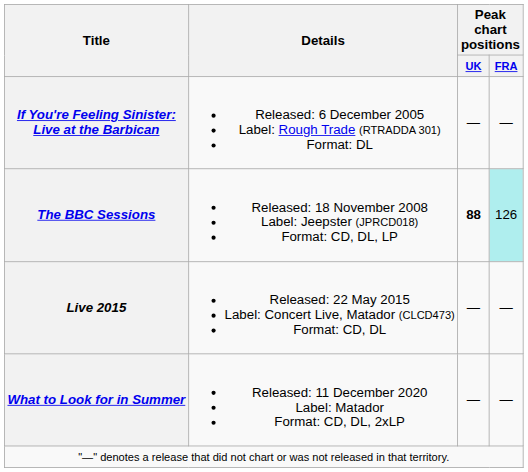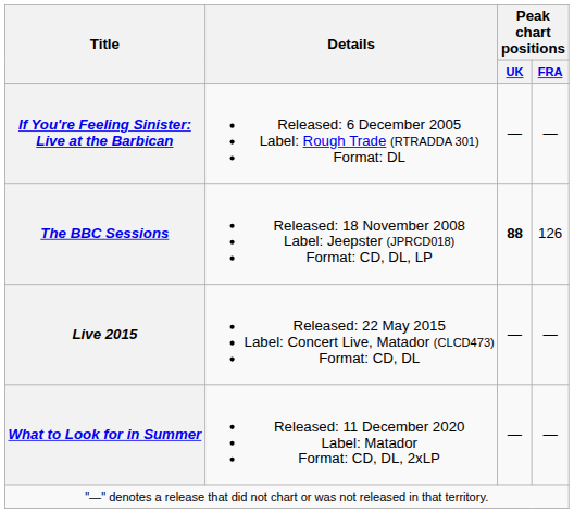 <table class="wikitable plainrowheaders" style="text-align:center;">
 <tr>
 <th scope="col" rowspan="2">Title</th>
 <th rowspan="2">Details</th>
 <th colspan="2">Peak chart positions</th>
 </tr>
 <tr>
 <th width="25"><small><a href='#'>UK</a></small><br></th>
 <th width="25"><small><a href='#'>FRA</a></small><br></th>
 </tr>
 <tr>
 <th scope="row"><em><a href='#'>If You're Feeling Sinister:<br> Live at the Barbican</a></em></th>
 <td><br><ul><li>Released: 6 December 2005</li><li>Label: <a href='#'>Rough Trade</a> <small>(RTRADDA 301)</small></li><li>Format: DL</li></ul></td>
 <td align="center">—</td>
 <td align="center">—</td>
 </tr>
 <tr>
 <th scope="row"><em><a href='#'>The BBC Sessions</a></em></th>
 <td><br><ul><li>Released: 18 November 2008</li><li>Label: Jeepster <small>(JPRCD018)</small></li><li>Format: CD, DL, LP</li></ul></td>
 <td align="center"><strong>88</strong></td>
-<td align="center" style="background: paleturquoise;">126</td>
+<td align="center">126</td>
 </tr>
 <tr>
 <th scope="row"><em>Live 2015</em></th>
 <td><br><ul><li>Released: 22 May 2015</li><li>Label: Concert Live, Matador <small>(CLCD473)</small></li><li>Format: CD, DL</li></ul></td>
 <td align="center">—</td>
 <td align="center">—</td>
 </tr>
 <tr>
 <th scope="row"><em><a href='#'>What to Look for in Summer</a></em></th>
 <td><br><ul><li>Released: 11 December 2020</li><li>Label: Matador</li><li>Format: CD, DL, 2xLP</li></ul></td>
 <td align="center">—</td>
 <td align="center">—</td>
 </tr>
 <tr>
 <td style="text-align:center;" colspan="17"><small>"—" denotes a release that did not chart or was not released in that territory.</small></td>
 </tr>
 </table>
